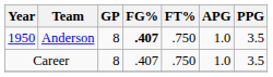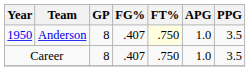 <table class="wikitable sortable" style="font-size:95%; text-align:right;">
 <tr>
 <th>Year</th>
 <th>Team</th>
 <th>GP</th>
 <th>FG%</th>
 <th>FT%</th>
 <th>APG</th>
 <th>PPG</th>
 </tr>
 <tr>
 <td style="text-align:left;"><a href='#'>1950</a></td>
 <td style="text-align:left;"><a href='#'>Anderson</a></td>
 <td>8</td>
-<td><strong>.407</strong></td>
-<td>.750</td>
+<td>.407</td>
+<td style="background: lightyellow;">.750</td>
 <td>1.0</td>
 <td>3.5</td>
 </tr>
 <tr>
 <td style="text-align:center;" colspan="2">Career</td>
 <td>8</td>
 <td>.407</td>
 <td>.750</td>
 <td>1.0</td>
 <td>3.5</td>
 </tr>
 <tr>
 </tr>
 </table>
